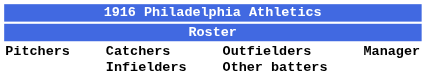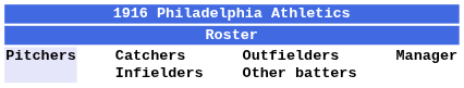 <table class="toccolours" style="font-size: 95%;">
 <tr>
 <th colspan="10" style="background-color: #4169e1; color: white; text-align: center;">1916 Philadelphia Athletics</th>
 </tr>
 <tr>
 <td colspan="10" style="background-color: #4169e1; color: white; text-align: center;"><strong>Roster</strong></td>
 </tr>
 <tr>
-<td valign="top"><strong>Pitchers</strong><br>                  </td>
+<td valign="top" style="background: lavender;"><strong>Pitchers</strong><br>                  </td>
 <td width="25px"></td>
 <td valign="top"><strong>Catchers</strong><br>     <strong>Infielders</strong>           </td>
 <td width="25px"></td>
 <td valign="top"><strong>Outfielders</strong><br>              <strong>Other batters</strong> </td>
 <td width="25px"></td>
 <td valign="top"><strong>Manager</strong><br></td>
 </tr>
 </table>
